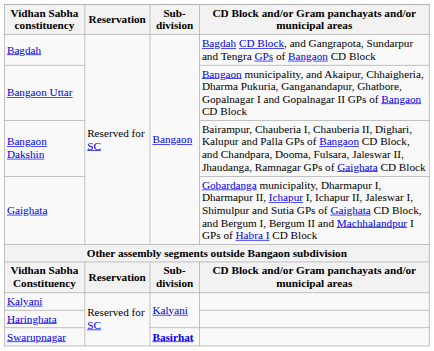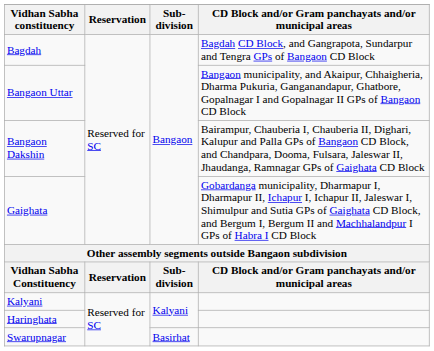 <table class="wikitable sortable">
 <tr>
 </tr>
 <tr>
 <th>Vidhan Sabha constituency</th>
 <th>Reservation</th>
 <th>Sub-division</th>
 <th>CD Block and/or Gram panchayats and/or municipal areas</th>
 </tr>
 <tr>
 <td><a href='#'>Bagdah</a></td>
 <td rowspan=4>Reserved for <a href='#'>SC</a></td>
 <td rowspan=4><a href='#'>Bangaon</a></td>
 <td><a href='#'>Bagdah</a> <a href='#'>CD Block</a>, and Gangrapota, Sundarpur and Tengra <a href='#'>GPs</a> of <a href='#'>Bangaon</a> CD Block</td>
 </tr>
 <tr>
 <td><a href='#'>Bangaon Uttar</a></td>
 <td><a href='#'>Bangaon</a> municipality, and Akaipur, Chhaigheria, Dharma Pukuria, Ganganandapur, Ghatbore, Gopalnagar I and Gopalnagar II GPs of <a href='#'>Bangaon</a> CD Block</td>
 </tr>
 <tr>
 <td><a href='#'>Bangaon Dakshin</a></td>
 <td>Bairampur, Chauberia I, Chauberia II, Dighari, Kalupur and Palla GPs of <a href='#'>Bangaon</a> CD Block, and Chandpara, Dooma, Fulsara, Jaleswar II, Jhaudanga, Ramnagar GPs of <a href='#'>Gaighata</a> CD Block</td>
 </tr>
 <tr>
 <td><a href='#'>Gaighata</a></td>
 <td><a href='#'>Gobardanga</a> municipality, Dharmapur I, Dharmapur II, <a href='#'>Ichapur</a> I, Ichapur II, Jaleswar I, Shimulpur and Sutia GPs of <a href='#'>Gaighata</a> CD Block, and Bergum I, Bergum II and <a href='#'>Machhalandpur</a> I GPs of <a href='#'>Habra I</a> CD Block</td>
 </tr>
 <tr>
 <th colspan=4>Other assembly segments outside Bangaon subdivision</th>
 </tr>
 <tr>
 <th>Vidhan Sabha Constituency</th>
 <th>Reservation</th>
 <th>Sub-division</th>
 <th>CD Block and/or Gram panchayats and/or municipal areas</th>
 </tr>
 <tr>
 <td><a href='#'>Kalyani</a></td>
 <td rowspan=3>Reserved for <a href='#'>SC</a></td>
 <td rowspan=2><a href='#'>Kalyani</a></td>
 <td></td>
 </tr>
 <tr>
 <td><a href='#'>Haringhata</a></td>
 <td></td>
 </tr>
 <tr>
 <td><a href='#'>Swarupnagar</a></td>
-<td><strong><a href='#'>Basirhat</a></strong></td>
+<td><a href='#'>Basirhat</a></td>
 <td></td>
 </tr>
 </table>
